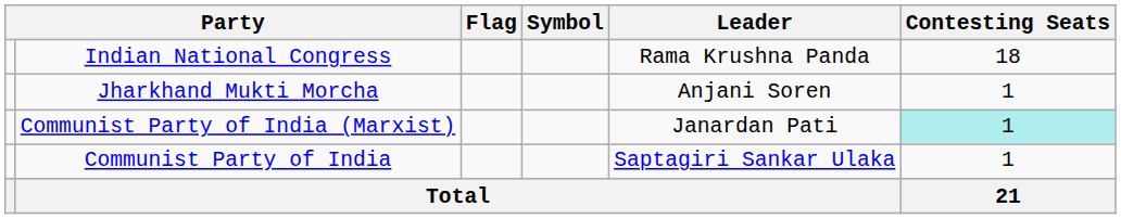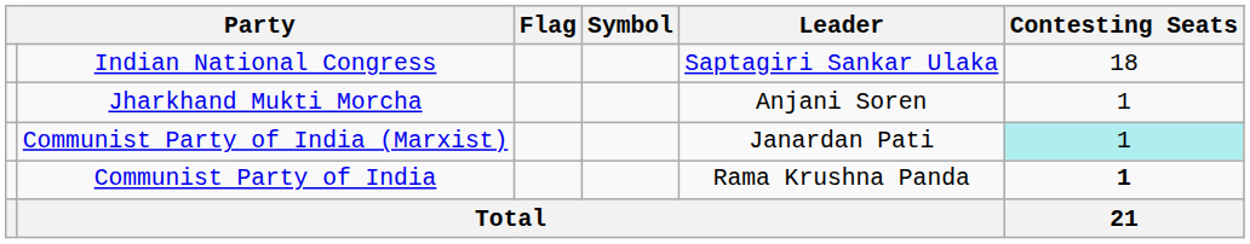 <table class="wikitable" style="text-align:center;">
 <tr>
 <th colspan="2">Party</th>
 <th>Flag</th>
 <th>Symbol</th>
 <th>Leader</th>
 <th>Contesting Seats</th>
 </tr>
 <tr>
 <td></td>
 <td><a href='#'>Indian National Congress</a></td>
 <td></td>
 <td></td>
-<td>Rama Krushna Panda</td>
+<td><a href='#'>Saptagiri Sankar Ulaka</a></td>
 <td>18</td>
 </tr>
 <tr>
 <td></td>
 <td><a href='#'>Jharkhand Mukti Morcha</a></td>
 <td></td>
 <td></td>
 <td>Anjani Soren</td>
 <td>1</td>
 </tr>
 <tr>
 <td></td>
 <td><a href='#'>Communist Party of India (Marxist)</a></td>
 <td></td>
 <td></td>
 <td>Janardan Pati</td>
 <td style="background: paleturquoise;">1</td>
 </tr>
 <tr>
 <td></td>
 <td><a href='#'>Communist Party of India</a></td>
 <td></td>
 <td></td>
-<td><a href='#'>Saptagiri Sankar Ulaka</a></td>
-<td>1</td>
+<td>Rama Krushna Panda</td>
+<td><strong>1</strong></td>
 </tr>
 <tr>
 <th></th>
 <th colspan="4">Total</th>
 <th>21</th>
 </tr>
 </table>
